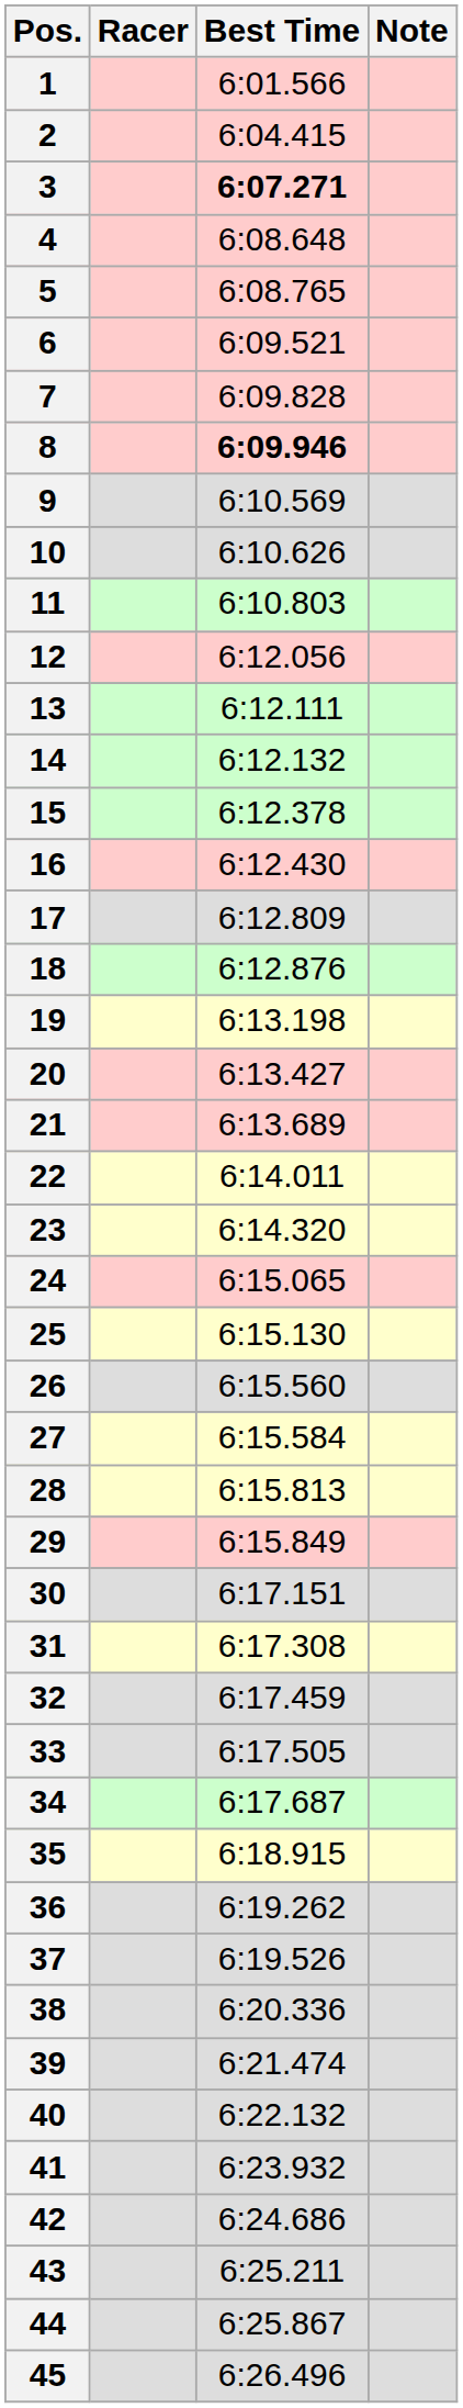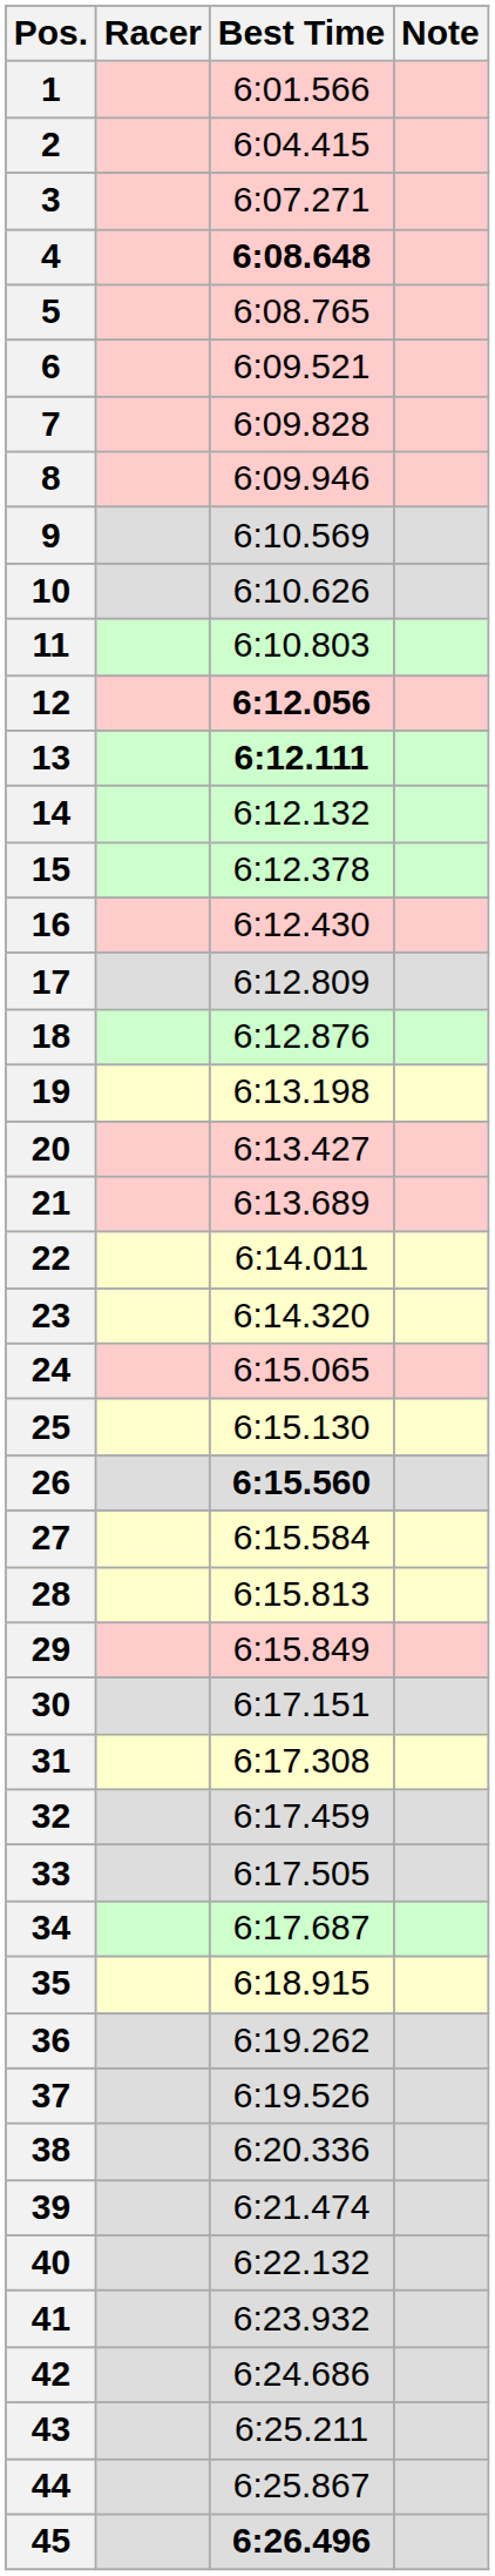 <table class="wikitable sortable plainrowheaders" style="text-align:center;">
 <tr>
 <th scope="col">Pos.</th>
 <th scope="col">Racer</th>
 <th scope="col">Best Time</th>
 <th scope="col">Note</th>
 </tr>
 <tr bgcolor=#ffcccc>
 <th style="text - align:center; ">1</th>
 <td align="left"></td>
 <td>6:01.566</td>
 <td></td>
 </tr>
 <tr bgcolor=#ffcccc>
 <th style="text - align:center; ">2</th>
 <td align="left"></td>
 <td>6:04.415</td>
 <td></td>
 </tr>
 <tr bgcolor=#ffcccc>
 <th style="text - align:center; ">3</th>
 <td align="left"></td>
-<td><strong>6:07.271</strong></td>
+<td>6:07.271</td>
 <td></td>
 </tr>
 <tr bgcolor=#ffcccc>
 <th style="text - align:center; ">4</th>
 <td align="left"></td>
-<td>6:08.648</td>
+<td><strong>6:08.648</strong></td>
 <td></td>
 </tr>
 <tr bgcolor=#ffcccc>
 <th style="text - align:center; ">5</th>
 <td align="left"></td>
 <td>6:08.765</td>
 <td></td>
 </tr>
 <tr bgcolor=#ffcccc>
 <th style="text - align:center; ">6</th>
 <td align="left"></td>
 <td>6:09.521</td>
 <td></td>
 </tr>
 <tr bgcolor=#ffcccc>
 <th style="text - align:center; ">7</th>
 <td align="left"></td>
 <td>6:09.828</td>
 <td></td>
 </tr>
 <tr bgcolor=#ffcccc>
 <th style="text - align:center; ">8</th>
 <td align="left"></td>
-<td><strong>6:09.946</strong></td>
+<td>6:09.946</td>
 <td></td>
 </tr>
 <tr bgcolor=#dddddd>
 <th style="text - align:center; ">9</th>
 <td align="left"></td>
 <td>6:10.569</td>
 <td></td>
 </tr>
 <tr bgcolor=#dddddd>
 <th style="text - align:center; ">10</th>
 <td align="left"></td>
 <td>6:10.626</td>
 <td></td>
 </tr>
 <tr bgcolor=#ccffcc>
 <th style="text - align:center; ">11</th>
 <td align="left"></td>
 <td>6:10.803</td>
 <td></td>
 </tr>
 <tr bgcolor=#ffcccc>
 <th style="text - align:center; ">12</th>
 <td align="left"></td>
-<td>6:12.056</td>
+<td><strong>6:12.056</strong></td>
 <td></td>
 </tr>
 <tr bgcolor=#ccffcc>
 <th style="text - align:center; ">13</th>
 <td align="left"></td>
-<td>6:12.111</td>
+<td><strong>6:12.111</strong></td>
 <td></td>
 </tr>
 <tr bgcolor=#ccffcc>
 <th style="text - align:center; ">14</th>
 <td align="left"></td>
 <td>6:12.132</td>
 <td></td>
 </tr>
 <tr bgcolor=#ccffcc>
 <th style="text - align:center; ">15</th>
 <td align="left"></td>
 <td>6:12.378</td>
 <td></td>
 </tr>
 <tr bgcolor=#ffcccc>
 <th style="text - align:center; ">16</th>
 <td align="left"></td>
 <td>6:12.430</td>
 <td></td>
 </tr>
 <tr bgcolor=#dddddd>
 <th style="text - align:center; ">17</th>
 <td align="left"></td>
 <td>6:12.809</td>
 <td></td>
 </tr>
 <tr bgcolor=#ccffcc>
 <th style="text - align:center; ">18</th>
 <td align="left"></td>
 <td>6:12.876</td>
 <td></td>
 </tr>
 <tr bgcolor=#ffffcc>
 <th style="text - align:center; ">19</th>
 <td align="left"></td>
 <td>6:13.198</td>
 <td></td>
 </tr>
 <tr bgcolor=#ffcccc>
 <th style="text - align:center; ">20</th>
 <td align="left"></td>
 <td>6:13.427</td>
 <td></td>
 </tr>
 <tr bgcolor=#ffcccc>
 <th style="text - align:center; ">21</th>
 <td align="left"></td>
 <td>6:13.689</td>
 <td></td>
 </tr>
 <tr bgcolor=#ffffcc>
 <th style="text - align:center; ">22</th>
 <td align="left"></td>
 <td>6:14.011</td>
 <td></td>
 </tr>
 <tr bgcolor=#ffffcc>
 <th style="text - align:center; ">23</th>
 <td align="left"></td>
 <td>6:14.320</td>
 <td></td>
 </tr>
 <tr bgcolor=#ffcccc>
 <th style="text - align:center; ">24</th>
 <td align="left"></td>
 <td>6:15.065</td>
 <td></td>
 </tr>
 <tr bgcolor=#ffffcc>
 <th style="text - align:center; ">25</th>
 <td align="left"></td>
 <td>6:15.130</td>
 <td></td>
 </tr>
 <tr bgcolor=#dddddd>
 <th style="text - align:center; ">26</th>
 <td align="left"></td>
-<td>6:15.560</td>
+<td><strong>6:15.560</strong></td>
 <td></td>
 </tr>
 <tr bgcolor=#ffffcc>
 <th style="text - align:center; ">27</th>
 <td align="left"></td>
 <td>6:15.584</td>
 <td></td>
 </tr>
 <tr bgcolor=#ffffcc>
 <th style="text - align:center; ">28</th>
 <td align="left"></td>
 <td>6:15.813</td>
 <td></td>
 </tr>
 <tr bgcolor=#ffcccc>
 <th style="text - align:center; ">29</th>
 <td align="left"></td>
 <td>6:15.849</td>
 <td></td>
 </tr>
 <tr bgcolor=#dddddd>
 <th style="text - align:center; ">30</th>
 <td align="left"></td>
 <td>6:17.151</td>
 <td></td>
 </tr>
 <tr bgcolor=#ffffcc>
 <th style="text - align:center; ">31</th>
 <td align="left"></td>
 <td>6:17.308</td>
 <td></td>
 </tr>
 <tr bgcolor=#dddddd>
 <th style="text - align:center; ">32</th>
 <td align="left"></td>
 <td>6:17.459</td>
 <td></td>
 </tr>
 <tr bgcolor=#dddddd>
 <th style="text - align:center; ">33</th>
 <td align="left"></td>
 <td>6:17.505</td>
 <td></td>
 </tr>
 <tr bgcolor=#ccffcc>
 <th style="text - align:center; ">34</th>
 <td align="left"></td>
 <td>6:17.687</td>
 <td></td>
 </tr>
 <tr bgcolor=#ffffcc>
 <th style="text - align:center; ">35</th>
 <td align="left"></td>
 <td>6:18.915</td>
 <td></td>
 </tr>
 <tr bgcolor=#dddddd>
 <th style="text - align:center; ">36</th>
 <td align="left"></td>
 <td>6:19.262</td>
 <td></td>
 </tr>
 <tr bgcolor=#dddddd>
 <th style="text - align:center; ">37</th>
 <td align="left"></td>
 <td>6:19.526</td>
 <td></td>
 </tr>
 <tr bgcolor=#dddddd>
 <th style="text - align:center; ">38</th>
 <td align="left"></td>
 <td>6:20.336</td>
 <td></td>
 </tr>
 <tr bgcolor=#dddddd>
 <th style="text - align:center; ">39</th>
 <td align="left"></td>
 <td>6:21.474</td>
 <td></td>
 </tr>
 <tr bgcolor=#dddddd>
 <th style="text - align:center; ">40</th>
 <td align="left"></td>
 <td>6:22.132</td>
 <td></td>
 </tr>
 <tr bgcolor=#dddddd>
 <th style="text - align:center; ">41</th>
 <td align="left"></td>
 <td>6:23.932</td>
 <td></td>
 </tr>
 <tr bgcolor=#dddddd>
 <th style="text - align:center; ">42</th>
 <td align="left"></td>
 <td>6:24.686</td>
 <td></td>
 </tr>
 <tr bgcolor=#dddddd>
 <th style="text - align:center; ">43</th>
 <td align="left"></td>
 <td>6:25.211</td>
 <td></td>
 </tr>
 <tr bgcolor=#dddddd>
 <th style="text - align:center; ">44</th>
 <td align="left"></td>
 <td>6:25.867</td>
 <td></td>
 </tr>
 <tr bgcolor=#dddddd>
 <th style="text - align:center; ">45</th>
 <td align="left"></td>
-<td>6:26.496</td>
+<td><strong>6:26.496</strong></td>
 <td></td>
 </tr>
 </table>
